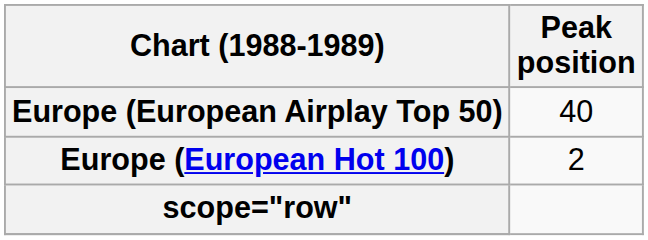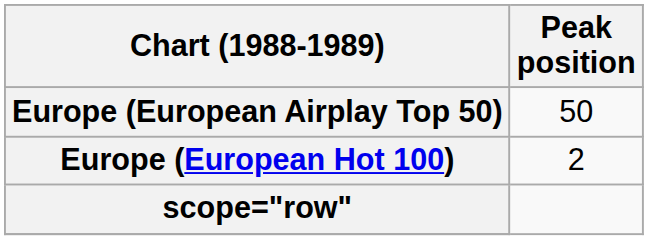 <table class="wikitable sortable plainrowheaders">
 <tr>
 <th>Chart (1988-1989)</th>
 <th>Peak<br>position</th>
 </tr>
 <tr>
 <th scope="row">Europe (European Airplay Top 50)</th>
-<td align="center">40</td>
+<td align="center">50</td>
 </tr>
 <tr>
 <th scope="row">Europe (<a href='#'>European Hot 100</a>)</th>
 <td align="center">2</td>
 </tr>
 <tr>
 <th>scope="row"</th>
 </tr>
 <tr>
 </tr>
 </table>
